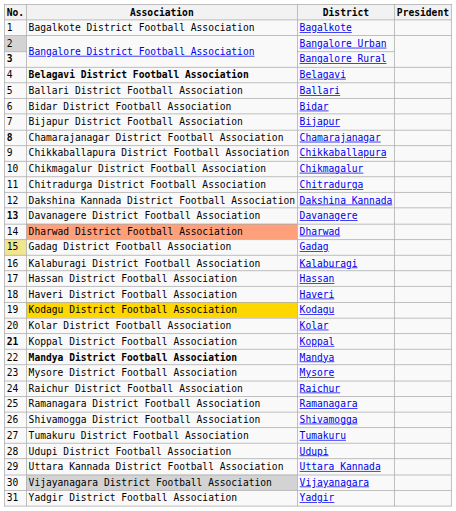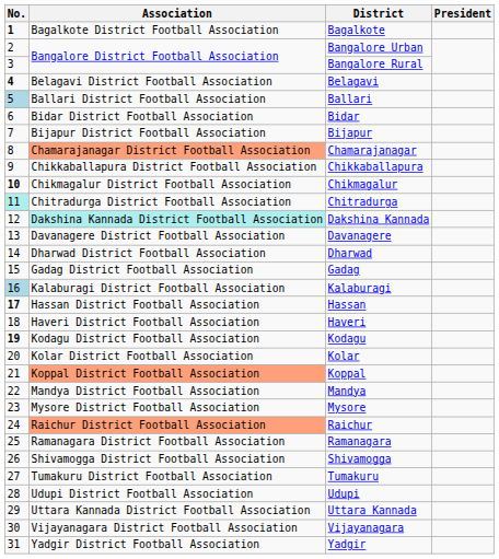 <table class="wikitable sortable">
 <tr>
 <th>No.</th>
 <th>Association</th>
 <th>District</th>
 <th>President</th>
 </tr>
 <tr>
-<td>1</td>
+<td><strong>1</strong></td>
 <td>Bagalkote District Football Association</td>
 <td><a href='#'>Bagalkote</a></td>
 <td></td>
 </tr>
 <tr>
-<td style="background: lightgrey;">2</td>
+<td>2</td>
 <td rowspan="2"><a href='#'>Bangalore District Football Association</a></td>
 <td><a href='#'>Bangalore Urban</a></td>
 <td rowspan="2"></td>
 </tr>
 <tr>
-<td><strong>3</strong></td>
+<td>3</td>
 <td><a href='#'>Bangalore Rural</a></td>
 </tr>
 <tr>
-<td>4</td>
-<td><strong>Belagavi District Football Association</strong></td>
+<td><strong>4</strong></td>
+<td>Belagavi District Football Association</td>
 <td><a href='#'>Belagavi</a></td>
 <td></td>
 </tr>
 <tr>
-<td>5</td>
+<td style="background: lightblue;">5</td>
 <td>Ballari District Football Association</td>
 <td><a href='#'>Ballari</a></td>
 <td></td>
 </tr>
 <tr>
 <td>6</td>
 <td>Bidar District Football Association</td>
 <td><a href='#'>Bidar</a></td>
 <td></td>
 </tr>
 <tr>
 <td>7</td>
 <td>Bijapur District Football Association</td>
 <td><a href='#'>Bijapur</a></td>
 <td></td>
 </tr>
 <tr>
-<td><strong>8</strong></td>
-<td>Chamarajanagar District Football Association</td>
+<td>8</td>
+<td style="background: lightsalmon;">Chamarajanagar District Football Association</td>
 <td><a href='#'>Chamarajanagar</a></td>
 <td></td>
 </tr>
 <tr>
 <td>9</td>
 <td>Chikkaballapura District Football Association</td>
 <td><a href='#'>Chikkaballapura</a></td>
 <td></td>
 </tr>
 <tr>
-<td>10</td>
+<td><strong>10</strong></td>
 <td>Chikmagalur District Football Association</td>
 <td><a href='#'>Chikmagalur</a></td>
 <td></td>
 </tr>
 <tr>
-<td>11</td>
+<td style="background: paleturquoise;">11</td>
 <td>Chitradurga District Football Association</td>
 <td><a href='#'>Chitradurga</a></td>
 <td></td>
 </tr>
 <tr>
 <td>12</td>
-<td>Dakshina Kannada District Football Association</td>
+<td style="background: paleturquoise;">Dakshina Kannada District Football Association</td>
 <td><a href='#'>Dakshina Kannada</a></td>
 <td></td>
 </tr>
 <tr>
-<td><strong>13</strong></td>
+<td>13</td>
 <td>Davanagere District Football Association</td>
 <td><a href='#'>Davanagere</a></td>
 <td></td>
 </tr>
 <tr>
 <td>14</td>
-<td style="background: lightsalmon;">Dharwad District Football Association</td>
+<td>Dharwad District Football Association</td>
 <td><a href='#'>Dharwad</a></td>
 <td></td>
 </tr>
 <tr>
-<td style="background: khaki;">15</td>
+<td>15</td>
 <td>Gadag District Football Association</td>
 <td><a href='#'>Gadag</a></td>
 <td></td>
 </tr>
 <tr>
-<td>16</td>
+<td style="background: lightblue;">16</td>
 <td>Kalaburagi District Football Association</td>
 <td><a href='#'>Kalaburagi</a></td>
 <td></td>
 </tr>
 <tr>
-<td>17</td>
+<td><strong>17</strong></td>
 <td>Hassan District Football Association</td>
 <td><a href='#'>Hassan</a></td>
 <td></td>
 </tr>
 <tr>
 <td>18</td>
 <td>Haveri District Football Association</td>
 <td><a href='#'>Haveri</a></td>
 <td></td>
 </tr>
 <tr>
-<td>19</td>
-<td style="background: gold;">Kodagu District Football Association</td>
+<td><strong>19</strong></td>
+<td>Kodagu District Football Association</td>
 <td><a href='#'>Kodagu</a></td>
 <td></td>
 </tr>
 <tr>
 <td>20</td>
 <td>Kolar District Football Association</td>
 <td><a href='#'>Kolar</a></td>
 <td></td>
 </tr>
 <tr>
-<td><strong>21</strong></td>
-<td>Koppal District Football Association</td>
+<td>21</td>
+<td style="background: lightsalmon;">Koppal District Football Association</td>
 <td><a href='#'>Koppal</a></td>
 <td></td>
 </tr>
 <tr>
 <td>22</td>
-<td><strong>Mandya District Football Association</strong></td>
+<td>Mandya District Football Association</td>
 <td><a href='#'>Mandya</a></td>
 <td></td>
 </tr>
 <tr>
 <td>23</td>
 <td>Mysore District Football Association</td>
 <td><a href='#'>Mysore</a></td>
 <td></td>
 </tr>
 <tr>
 <td>24</td>
-<td>Raichur District Football Association</td>
+<td style="background: lightsalmon;">Raichur District Football Association</td>
 <td><a href='#'>Raichur</a></td>
 <td></td>
 </tr>
 <tr>
 <td>25</td>
 <td>Ramanagara District Football Association</td>
 <td><a href='#'>Ramanagara</a></td>
 <td></td>
 </tr>
 <tr>
 <td>26</td>
 <td>Shivamogga District Football Association</td>
 <td><a href='#'>Shivamogga</a></td>
 <td></td>
 </tr>
 <tr>
 <td>27</td>
 <td>Tumakuru District Football Association</td>
 <td><a href='#'>Tumakuru</a></td>
 <td></td>
 </tr>
 <tr>
 <td>28</td>
 <td>Udupi District Football Association</td>
 <td><a href='#'>Udupi</a></td>
 <td></td>
 </tr>
 <tr>
 <td>29</td>
 <td>Uttara Kannada District Football Association</td>
 <td><a href='#'>Uttara Kannada</a></td>
 <td></td>
 </tr>
 <tr>
 <td>30</td>
-<td style="background: lightgrey;">Vijayanagara District Football Association</td>
+<td>Vijayanagara District Football Association</td>
 <td><a href='#'>Vijayanagara</a></td>
 <td></td>
 </tr>
 <tr>
 <td>31</td>
 <td>Yadgir District Football Association</td>
 <td><a href='#'>Yadgir</a></td>
 <td></td>
 </tr>
 </table>
